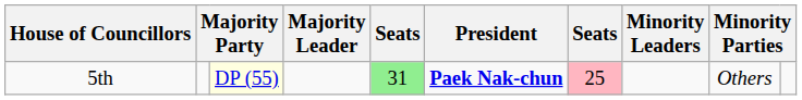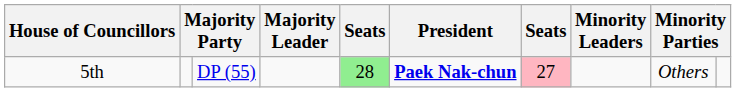 <table class="wikitable" style="font-size:96%; text-align:center;">
 <tr>
 <th>House of Councillors</th>
 <th colspan="2">Majority<br>Party</th>
 <th>Majority<br>Leader</th>
 <th>Seats</th>
 <th>President</th>
 <th>Seats</th>
 <th>Minority<br>Leaders</th>
 <th colspan="2">Minority<br>Parties</th>
 </tr>
 <tr>
 <td rowspan="1">5th<br></td>
 <td rowspan="1" style="background: "> </td>
-<td rowspan="1" style="background: lightyellow;"><a href='#'>DP (55)</a></td>
+<td rowspan="1"><a href='#'>DP (55)</a></td>
 <td rowspan="1"></td>
-<td rowspan="1" style="background:lightgreen;">31</td>
+<td rowspan="1" style="background:lightgreen;">28</td>
 <td rowspan="1"><strong><a href='#'>Paek Nak-chun</a> </strong></td>
-<td style="background:lightpink;">25</td>
+<td style="background:lightpink;">27</td>
 <td></td>
 <td><em>Others</em></td>
 <td style="background: "> </td>
 </tr>
 </table>
